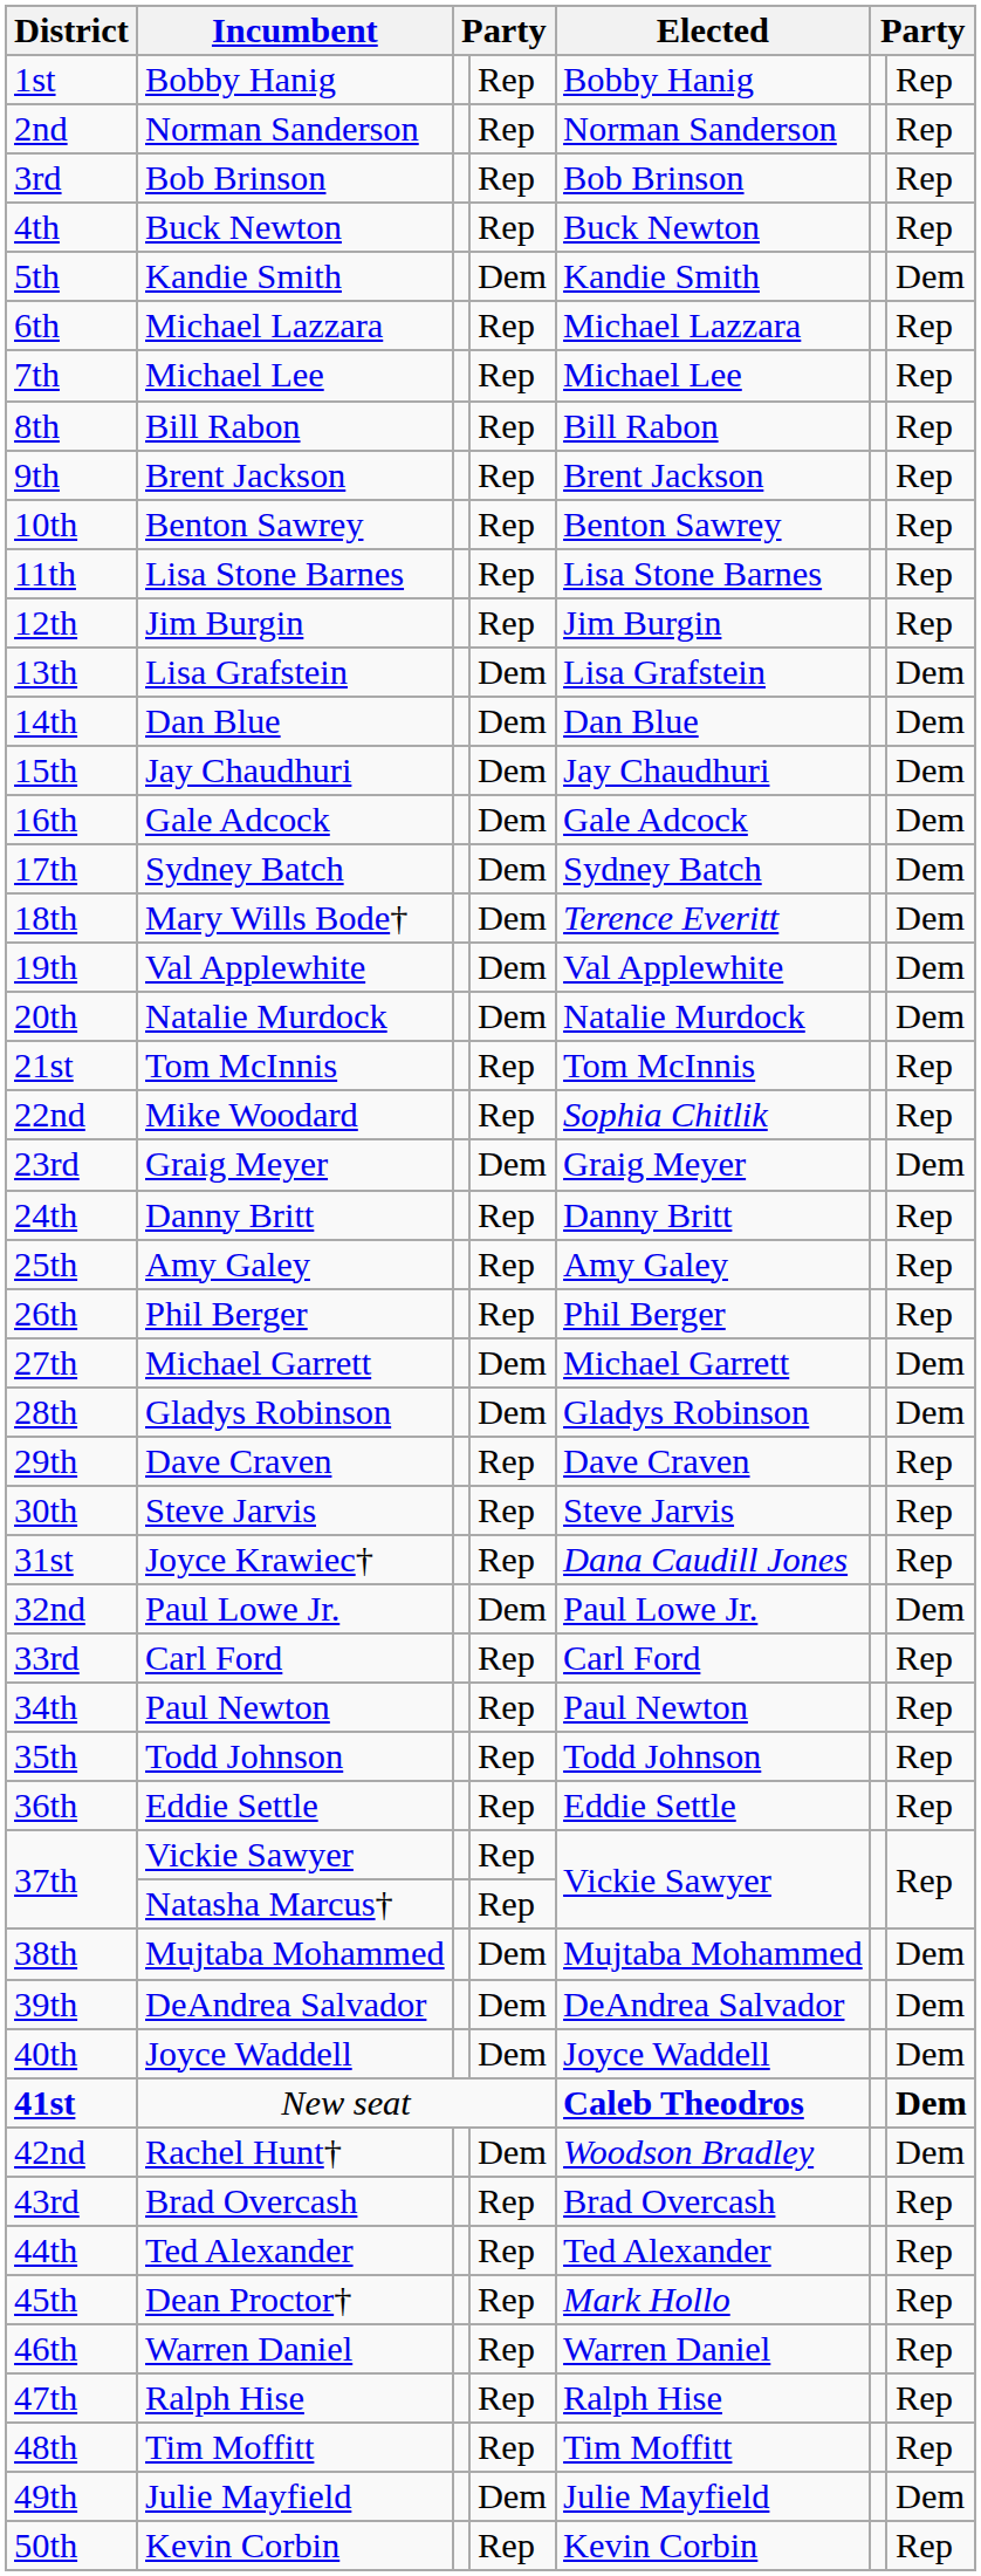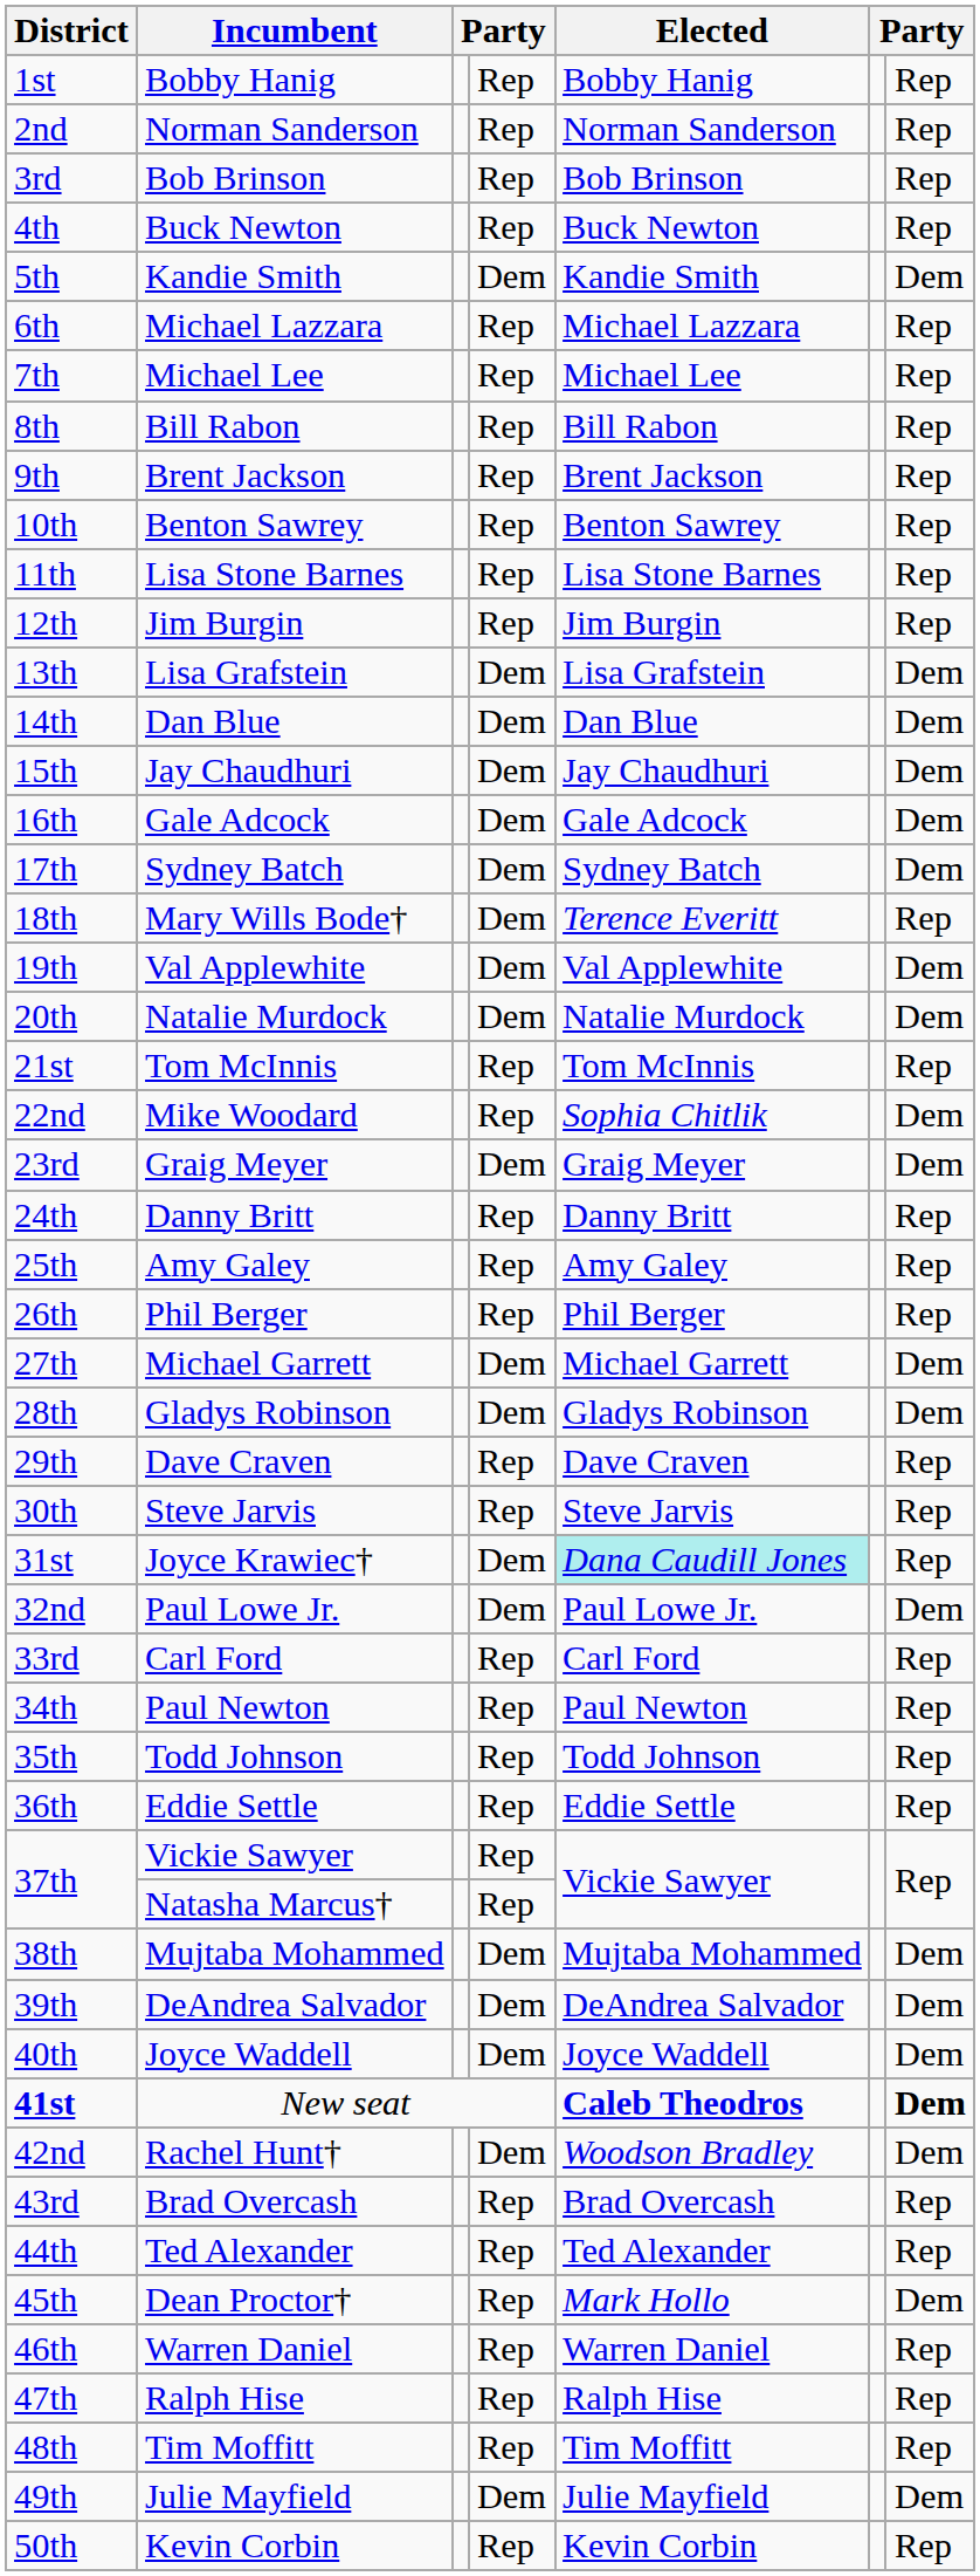 <table class="sortable wikitable" style="font-size:95%;line-height:14px;">
 <tr>
 <th class="unsortable">District</th>
 <th class="unsortable"><a href='#'>Incumbent</a></th>
 <th colspan="2">Party</th>
 <th class="unsortable">Elected</th>
 <th colspan="2">Party</th>
 </tr>
 <tr>
 <td><a href='#'>1st</a></td>
 <td><a href='#'>Bobby Hanig</a></td>
 <td style="background:"></td>
 <td>Rep</td>
 <td><a href='#'>Bobby Hanig</a></td>
 <td style="background:"></td>
 <td>Rep</td>
 </tr>
 <tr>
 <td><a href='#'>2nd</a></td>
 <td><a href='#'>Norman Sanderson</a></td>
 <td style="background:"></td>
 <td>Rep</td>
 <td><a href='#'>Norman Sanderson</a></td>
 <td style="background:"></td>
 <td>Rep</td>
 </tr>
 <tr>
 <td><a href='#'>3rd</a></td>
 <td><a href='#'>Bob Brinson</a></td>
 <td style="background:"></td>
 <td>Rep</td>
 <td><a href='#'>Bob Brinson</a></td>
 <td style="background:"></td>
 <td>Rep</td>
 </tr>
 <tr>
 <td><a href='#'>4th</a></td>
 <td><a href='#'>Buck Newton</a></td>
 <td style="background:"></td>
 <td>Rep</td>
 <td><a href='#'>Buck Newton</a></td>
 <td style="background:"></td>
 <td>Rep</td>
 </tr>
 <tr>
 <td><a href='#'>5th</a></td>
 <td><a href='#'>Kandie Smith</a></td>
 <td style="background:"></td>
 <td>Dem</td>
 <td><a href='#'>Kandie Smith</a></td>
 <td style="background:"></td>
 <td>Dem</td>
 </tr>
 <tr>
 <td><a href='#'>6th</a></td>
 <td><a href='#'>Michael Lazzara</a></td>
 <td style="background:"></td>
 <td>Rep</td>
 <td><a href='#'>Michael Lazzara</a></td>
 <td style="background:"></td>
 <td>Rep</td>
 </tr>
 <tr>
 <td><a href='#'>7th</a></td>
 <td><a href='#'>Michael Lee</a></td>
 <td style="background:"></td>
 <td>Rep</td>
 <td><a href='#'>Michael Lee</a></td>
 <td style="background:"></td>
 <td>Rep</td>
 </tr>
 <tr>
 <td><a href='#'>8th</a></td>
 <td><a href='#'>Bill Rabon</a></td>
 <td style="background:"></td>
 <td>Rep</td>
 <td><a href='#'>Bill Rabon</a></td>
 <td style="background:"></td>
 <td>Rep</td>
 </tr>
 <tr>
 <td><a href='#'>9th</a></td>
 <td><a href='#'>Brent Jackson</a></td>
 <td style="background:"></td>
 <td>Rep</td>
 <td><a href='#'>Brent Jackson</a></td>
 <td style="background:"></td>
 <td>Rep</td>
 </tr>
 <tr>
 <td><a href='#'>10th</a></td>
 <td><a href='#'>Benton Sawrey</a></td>
 <td style="background:"></td>
 <td>Rep</td>
 <td><a href='#'>Benton Sawrey</a></td>
 <td style="background:"></td>
 <td>Rep</td>
 </tr>
 <tr>
 <td><a href='#'>11th</a></td>
 <td><a href='#'>Lisa Stone Barnes</a></td>
 <td style="background:"></td>
 <td>Rep</td>
 <td><a href='#'>Lisa Stone Barnes</a></td>
 <td style="background:"></td>
 <td>Rep</td>
 </tr>
 <tr>
 <td><a href='#'>12th</a></td>
 <td><a href='#'>Jim Burgin</a></td>
 <td style="background:"></td>
 <td>Rep</td>
 <td><a href='#'>Jim Burgin</a></td>
 <td style="background:"></td>
 <td>Rep</td>
 </tr>
 <tr>
 <td><a href='#'>13th</a></td>
 <td><a href='#'>Lisa Grafstein</a></td>
 <td style="background:"></td>
 <td>Dem</td>
 <td><a href='#'>Lisa Grafstein</a></td>
 <td style="background:"></td>
 <td>Dem</td>
 </tr>
 <tr>
 <td><a href='#'>14th</a></td>
 <td><a href='#'>Dan Blue</a></td>
 <td style="background:"></td>
 <td>Dem</td>
 <td><a href='#'>Dan Blue</a></td>
 <td style="background:"></td>
 <td>Dem</td>
 </tr>
 <tr>
 <td><a href='#'>15th</a></td>
 <td><a href='#'>Jay Chaudhuri</a></td>
 <td style="background:"></td>
 <td>Dem</td>
 <td><a href='#'>Jay Chaudhuri</a></td>
 <td style="background:"></td>
 <td>Dem</td>
 </tr>
 <tr>
 <td><a href='#'>16th</a></td>
 <td><a href='#'>Gale Adcock</a></td>
 <td style="background:"></td>
 <td>Dem</td>
 <td><a href='#'>Gale Adcock</a></td>
 <td style="background:"></td>
 <td>Dem</td>
 </tr>
 <tr>
 <td><a href='#'>17th</a></td>
 <td><a href='#'>Sydney Batch</a></td>
 <td style="background:"></td>
 <td>Dem</td>
 <td><a href='#'>Sydney Batch</a></td>
 <td style="background:"></td>
 <td>Dem</td>
 </tr>
 <tr>
 <td><a href='#'>18th</a></td>
 <td><a href='#'>Mary Wills Bode</a>†</td>
 <td style="background:"></td>
 <td>Dem</td>
 <td><em><a href='#'>Terence Everitt</a></em></td>
 <td style="background:"></td>
-<td>Dem</td>
+<td>Rep</td>
 </tr>
 <tr>
 <td><a href='#'>19th</a></td>
 <td><a href='#'>Val Applewhite</a></td>
 <td style="background:"></td>
 <td>Dem</td>
 <td><a href='#'>Val Applewhite</a></td>
 <td style="background:"></td>
 <td>Dem</td>
 </tr>
 <tr>
 <td><a href='#'>20th</a></td>
 <td><a href='#'>Natalie Murdock</a></td>
 <td style="background:"></td>
 <td>Dem</td>
 <td><a href='#'>Natalie Murdock</a></td>
 <td style="background:"></td>
 <td>Dem</td>
 </tr>
 <tr>
 <td><a href='#'>21st</a></td>
 <td><a href='#'>Tom McInnis</a></td>
 <td style="background:"></td>
 <td>Rep</td>
 <td><a href='#'>Tom McInnis</a></td>
 <td style="background:"></td>
 <td>Rep</td>
 </tr>
 <tr>
 <td><a href='#'>22nd</a></td>
 <td><a href='#'>Mike Woodard</a></td>
 <td style="background:"></td>
 <td>Rep</td>
 <td><em><a href='#'>Sophia Chitlik</a></em></td>
 <td style="background:"></td>
-<td>Rep</td>
+<td>Dem</td>
 </tr>
 <tr>
 <td><a href='#'>23rd</a></td>
 <td><a href='#'>Graig Meyer</a></td>
 <td style="background:"></td>
 <td>Dem</td>
 <td><a href='#'>Graig Meyer</a></td>
 <td style="background:"></td>
 <td>Dem</td>
 </tr>
 <tr>
 <td><a href='#'>24th</a></td>
 <td><a href='#'>Danny Britt</a></td>
 <td style="background:"></td>
 <td>Rep</td>
 <td><a href='#'>Danny Britt</a></td>
 <td style="background:"></td>
 <td>Rep</td>
 </tr>
 <tr>
 <td><a href='#'>25th</a></td>
 <td><a href='#'>Amy Galey</a></td>
 <td style="background:"></td>
 <td>Rep</td>
 <td><a href='#'>Amy Galey</a></td>
 <td style="background:"></td>
 <td>Rep</td>
 </tr>
 <tr>
 <td><a href='#'>26th</a></td>
 <td><a href='#'>Phil Berger</a></td>
 <td style="background:"></td>
 <td>Rep</td>
 <td><a href='#'>Phil Berger</a></td>
 <td style="background:"></td>
 <td>Rep</td>
 </tr>
 <tr>
 <td><a href='#'>27th</a></td>
 <td><a href='#'>Michael Garrett</a></td>
 <td style="background:"></td>
 <td>Dem</td>
 <td><a href='#'>Michael Garrett</a></td>
 <td style="background:"></td>
 <td>Dem</td>
 </tr>
 <tr>
 <td><a href='#'>28th</a></td>
 <td><a href='#'>Gladys Robinson</a></td>
 <td style="background:"></td>
 <td>Dem</td>
 <td><a href='#'>Gladys Robinson</a></td>
 <td style="background:"></td>
 <td>Dem</td>
 </tr>
 <tr>
 <td><a href='#'>29th</a></td>
 <td><a href='#'>Dave Craven</a></td>
 <td style="background:"></td>
 <td>Rep</td>
 <td><a href='#'>Dave Craven</a></td>
 <td style="background:"></td>
 <td>Rep</td>
 </tr>
 <tr>
 <td><a href='#'>30th</a></td>
 <td><a href='#'>Steve Jarvis</a></td>
 <td style="background:"></td>
 <td>Rep</td>
 <td><a href='#'>Steve Jarvis</a></td>
 <td style="background:"></td>
 <td>Rep</td>
 </tr>
 <tr>
 <td><a href='#'>31st</a></td>
 <td><a href='#'>Joyce Krawiec</a>†</td>
 <td style="background:"></td>
-<td>Rep</td>
-<td><em><a href='#'>Dana Caudill Jones</a></em></td>
+<td>Dem</td>
+<td style="background: paleturquoise;"><em><a href='#'>Dana Caudill Jones</a></em></td>
 <td style="background:"></td>
 <td>Rep</td>
 </tr>
 <tr>
 <td><a href='#'>32nd</a></td>
 <td><a href='#'>Paul Lowe Jr.</a></td>
 <td style="background:"></td>
 <td>Dem</td>
 <td><a href='#'>Paul Lowe Jr.</a></td>
 <td style="background:"></td>
 <td>Dem</td>
 </tr>
 <tr>
 <td><a href='#'>33rd</a></td>
 <td><a href='#'>Carl Ford</a></td>
 <td style="background:"></td>
 <td>Rep</td>
 <td><a href='#'>Carl Ford</a></td>
 <td style="background:"></td>
 <td>Rep</td>
 </tr>
 <tr>
 <td><a href='#'>34th</a></td>
 <td><a href='#'>Paul Newton</a></td>
 <td style="background:"></td>
 <td>Rep</td>
 <td><a href='#'>Paul Newton</a></td>
 <td style="background:"></td>
 <td>Rep</td>
 </tr>
 <tr>
 <td><a href='#'>35th</a></td>
 <td><a href='#'>Todd Johnson</a></td>
 <td style="background:"></td>
 <td>Rep</td>
 <td><a href='#'>Todd Johnson</a></td>
 <td style="background:"></td>
 <td>Rep</td>
 </tr>
 <tr>
 <td><a href='#'>36th</a></td>
 <td><a href='#'>Eddie Settle</a></td>
 <td style="background:"></td>
 <td>Rep</td>
 <td><a href='#'>Eddie Settle</a></td>
 <td style="background:"></td>
 <td>Rep</td>
 </tr>
 <tr>
 <td rowspan=2><a href='#'>37th</a></td>
 <td><a href='#'>Vickie Sawyer</a></td>
 <td style="background:"></td>
 <td>Rep</td>
 <td rowspan=2><a href='#'>Vickie Sawyer</a></td>
 <td rowspan=2 style="background:"></td>
 <td rowspan=2>Rep</td>
 </tr>
 <tr>
 <td><a href='#'>Natasha Marcus</a>†</td>
 <td style="background:"></td>
 <td>Rep</td>
 </tr>
 <tr>
 <td><a href='#'>38th</a></td>
 <td><a href='#'>Mujtaba Mohammed</a></td>
 <td style="background:"></td>
 <td>Dem</td>
 <td><a href='#'>Mujtaba Mohammed</a></td>
 <td style="background:"></td>
 <td>Dem</td>
 </tr>
 <tr>
 <td><a href='#'>39th</a></td>
 <td><a href='#'>DeAndrea Salvador</a></td>
 <td style="background:"></td>
 <td>Dem</td>
 <td><a href='#'>DeAndrea Salvador</a></td>
 <td style="background:"></td>
 <td>Dem</td>
 </tr>
 <tr>
 <td><a href='#'>40th</a></td>
 <td><a href='#'>Joyce Waddell</a></td>
 <td style="background:"></td>
 <td>Dem</td>
 <td><a href='#'>Joyce Waddell</a></td>
 <td style="background:"></td>
 <td>Dem</td>
 </tr>
 <tr>
 <td><strong><a href='#'>41st</a></strong></td>
 <td colspan=3 align=center><em>New seat</em></td>
 <td><strong><a href='#'>Caleb Theodros</a></strong></td>
 <td style="background:"></td>
 <td><strong>Dem</strong></td>
 </tr>
 <tr>
 <td><a href='#'>42nd</a></td>
 <td><a href='#'>Rachel Hunt</a>†</td>
 <td style="background:"></td>
 <td>Dem</td>
 <td><em><a href='#'>Woodson Bradley</a></em></td>
 <td style="background:"></td>
 <td>Dem</td>
 </tr>
 <tr>
 <td><a href='#'>43rd</a></td>
 <td><a href='#'>Brad Overcash</a></td>
 <td style="background:"></td>
 <td>Rep</td>
 <td><a href='#'>Brad Overcash</a></td>
 <td style="background:"></td>
 <td>Rep</td>
 </tr>
 <tr>
 <td><a href='#'>44th</a></td>
 <td><a href='#'>Ted Alexander</a></td>
 <td style="background:"></td>
 <td>Rep</td>
 <td><a href='#'>Ted Alexander</a></td>
 <td style="background:"></td>
 <td>Rep</td>
 </tr>
 <tr>
 <td><a href='#'>45th</a></td>
 <td><a href='#'>Dean Proctor</a>†</td>
 <td style="background:"></td>
 <td>Rep</td>
 <td><em><a href='#'>Mark Hollo</a></em></td>
 <td style="background:"></td>
-<td>Rep</td>
+<td>Dem</td>
 </tr>
 <tr>
 <td><a href='#'>46th</a></td>
 <td><a href='#'>Warren Daniel</a></td>
 <td style="background:"></td>
 <td>Rep</td>
 <td><a href='#'>Warren Daniel</a></td>
 <td style="background:"></td>
 <td>Rep</td>
 </tr>
 <tr>
 <td><a href='#'>47th</a></td>
 <td><a href='#'>Ralph Hise</a></td>
 <td style="background:"></td>
 <td>Rep</td>
 <td><a href='#'>Ralph Hise</a></td>
 <td style="background:"></td>
 <td>Rep</td>
 </tr>
 <tr>
 <td><a href='#'>48th</a></td>
 <td><a href='#'>Tim Moffitt</a></td>
 <td style="background:"></td>
 <td>Rep</td>
 <td><a href='#'>Tim Moffitt</a></td>
 <td style="background:"></td>
 <td>Rep</td>
 </tr>
 <tr>
 <td><a href='#'>49th</a></td>
 <td><a href='#'>Julie Mayfield</a></td>
 <td style="background:"></td>
 <td>Dem</td>
 <td><a href='#'>Julie Mayfield</a></td>
 <td style="background:"></td>
 <td>Dem</td>
 </tr>
 <tr>
 <td><a href='#'>50th</a></td>
 <td><a href='#'>Kevin Corbin</a></td>
 <td style="background:"></td>
 <td>Rep</td>
 <td><a href='#'>Kevin Corbin</a></td>
 <td style="background:"></td>
 <td>Rep</td>
 </tr>
 </table>
